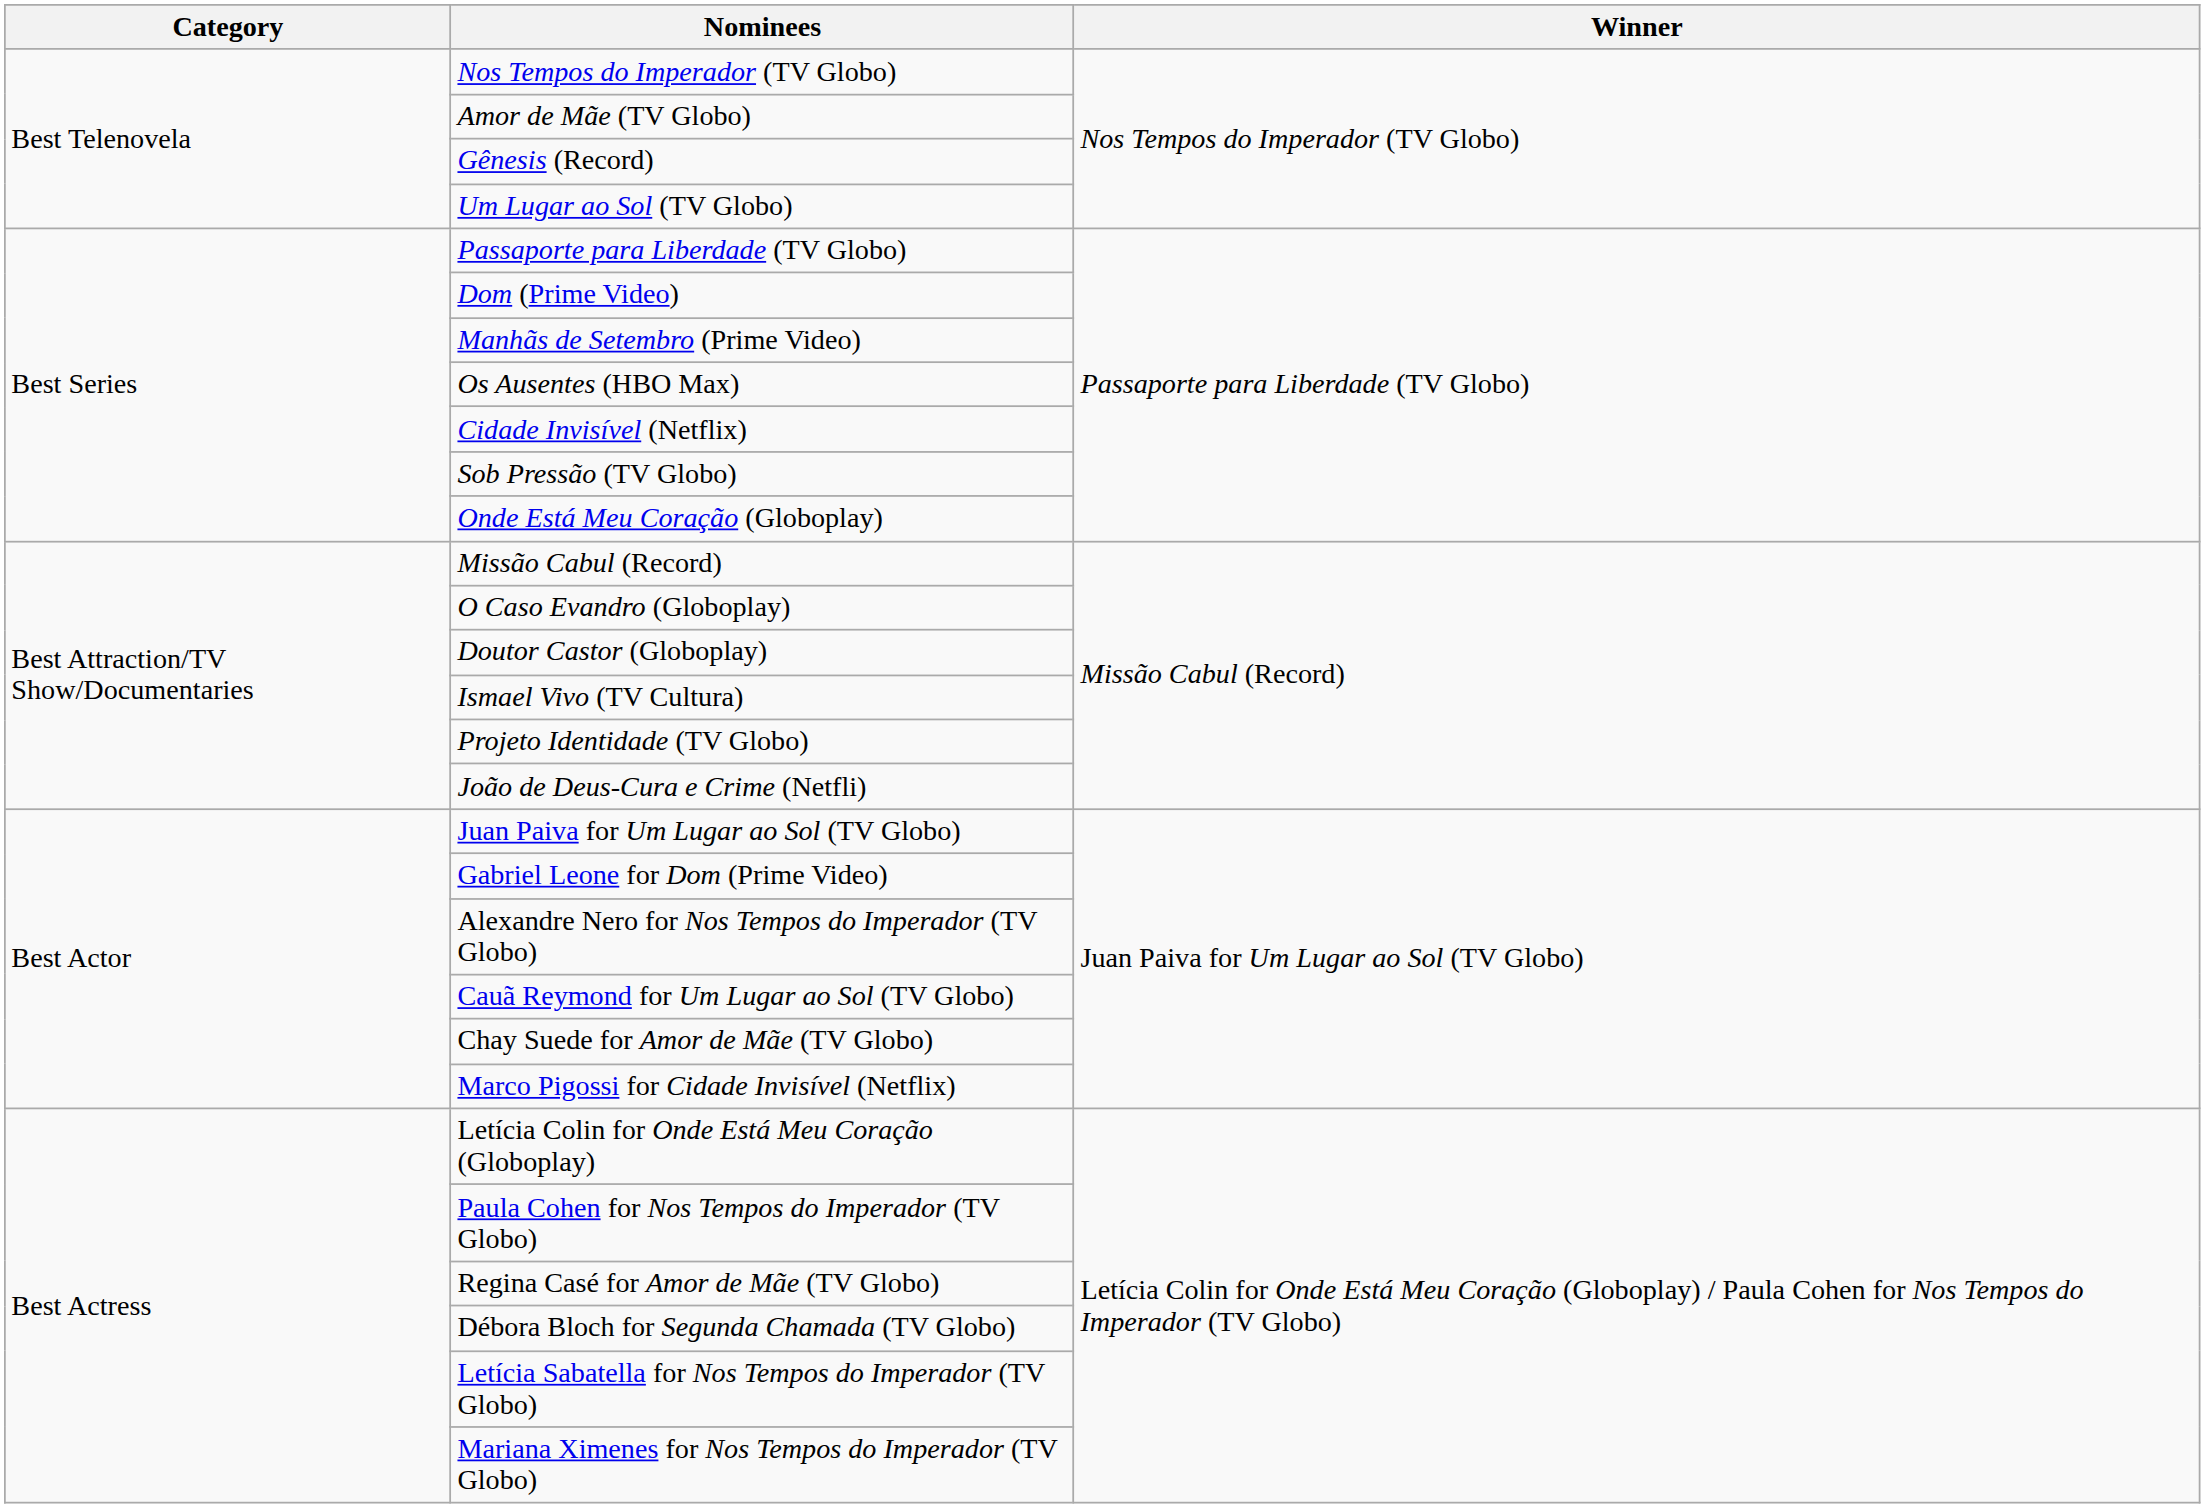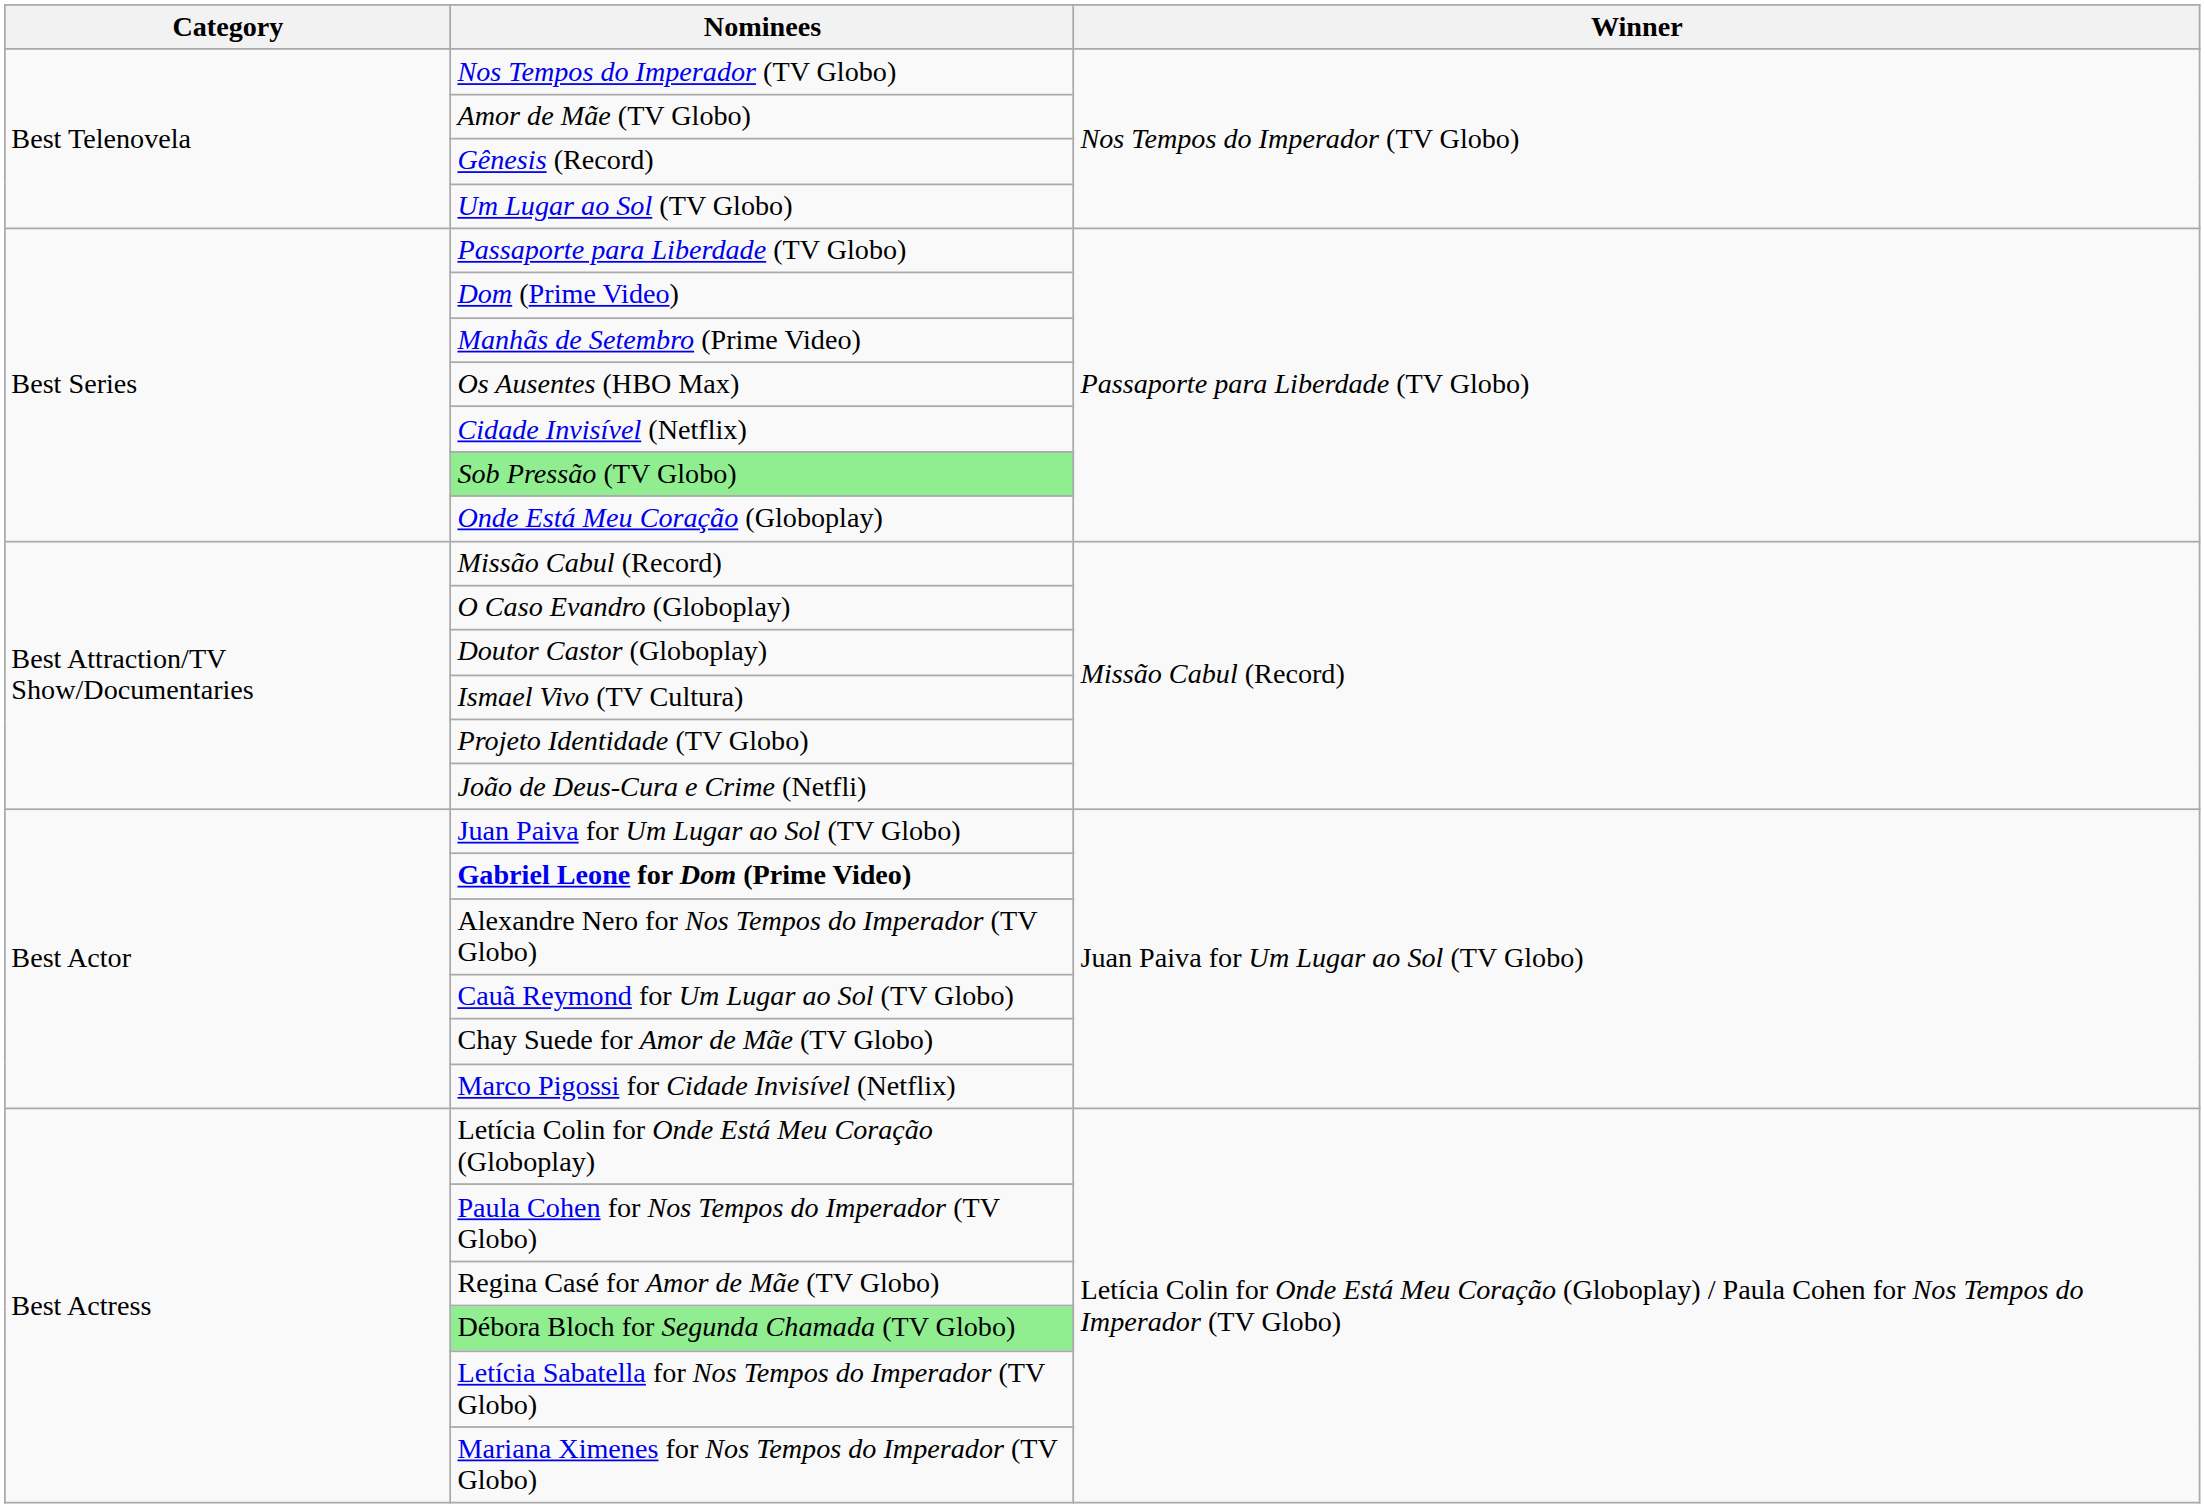 <table class="wikitable">
 <tr>
 <th>Category</th>
 <th>Nominees</th>
 <th>Winner</th>
 </tr>
 <tr>
 <td rowspan="4">Best Telenovela</td>
 <td><em><a href='#'>Nos Tempos do Imperador</a></em> (TV Globo)</td>
 <td rowspan="4"><em>Nos Tempos do Imperador</em> (TV Globo)</td>
 </tr>
 <tr>
 <td><em>Amor de Mãe</em> (TV Globo)</td>
 </tr>
 <tr>
 <td><em><a href='#'>Gênesis</a></em> (Record)</td>
 </tr>
 <tr>
 <td><em><a href='#'>Um Lugar ao Sol</a></em> (TV Globo)</td>
 </tr>
 <tr>
 <td rowspan="7">Best Series</td>
 <td><em><a href='#'>Passaporte para Liberdade</a></em> (TV Globo)</td>
 <td rowspan="7"><em>Passaporte para Liberdade</em> (TV Globo)</td>
 </tr>
 <tr>
 <td><em><a href='#'>Dom</a></em> (<a href='#'>Prime Video</a>)</td>
 </tr>
 <tr>
 <td><em><a href='#'>Manhãs de Setembro</a></em> (Prime Video)</td>
 </tr>
 <tr>
 <td><em>Os Ausentes</em> (HBO Max)</td>
 </tr>
 <tr>
 <td><em><a href='#'>Cidade Invisível</a></em> (Netflix)</td>
 </tr>
 <tr>
-<td><em>Sob Pressão</em> (TV Globo)</td>
+<td style="background: lightgreen;"><em>Sob Pressão</em> (TV Globo)</td>
 </tr>
 <tr>
 <td><em><a href='#'>Onde Está Meu Coração</a></em> (Globoplay)</td>
 </tr>
 <tr>
 <td rowspan="6">Best Attraction/TV Show/Documentaries</td>
 <td><em>Missão Cabul</em> (Record)</td>
 <td rowspan="6"><em>Missão Cabul</em> (Record)</td>
 </tr>
 <tr>
 <td><em>O Caso Evandro</em> (Globoplay)</td>
 </tr>
 <tr>
 <td><em>Doutor Castor</em> (Globoplay)</td>
 </tr>
 <tr>
 <td><em>Ismael Vivo</em> (TV Cultura)</td>
 </tr>
 <tr>
 <td><em>Projeto Identidade</em> (TV Globo)</td>
 </tr>
 <tr>
 <td><em>João de Deus-Cura e Crime</em> (Netfli)</td>
 </tr>
 <tr>
 <td rowspan="6">Best Actor</td>
 <td><a href='#'>Juan Paiva</a> for <em>Um Lugar ao Sol</em> (TV Globo)</td>
 <td rowspan="6">Juan Paiva for <em>Um Lugar ao Sol</em> (TV Globo)</td>
 </tr>
 <tr>
-<td><a href='#'>Gabriel Leone</a> for <em>Dom</em> (Prime Video)</td>
+<td><strong><a href='#'>Gabriel Leone</a> for <em>Dom</em> (Prime Video)</strong></td>
 </tr>
 <tr>
 <td>Alexandre Nero for <em>Nos Tempos do Imperador</em> (TV Globo)</td>
 </tr>
 <tr>
 <td><a href='#'>Cauã Reymond</a> for <em>Um Lugar ao Sol</em> (TV Globo)</td>
 </tr>
 <tr>
 <td>Chay Suede for <em>Amor de Mãe</em> (TV Globo)</td>
 </tr>
 <tr>
 <td><a href='#'>Marco Pigossi</a> for <em>Cidade Invisível</em> (Netflix)</td>
 </tr>
 <tr>
 <td rowspan="6">Best Actress</td>
 <td>Letícia Colin for <em>Onde Está Meu Coração</em> (Globoplay)</td>
 <td rowspan="6">Letícia Colin for <em>Onde Está Meu Coração</em> (Globoplay) / Paula Cohen for <em>Nos Tempos do Imperador</em> (TV Globo)</td>
 </tr>
 <tr>
 <td><a href='#'>Paula Cohen</a> for <em>Nos Tempos do Imperador</em> (TV Globo)</td>
 </tr>
 <tr>
 <td>Regina Casé for <em>Amor de Mãe</em> (TV Globo)</td>
 </tr>
 <tr>
-<td>Débora Bloch for <em>Segunda Chamada</em> (TV Globo)</td>
+<td style="background: lightgreen;">Débora Bloch for <em>Segunda Chamada</em> (TV Globo)</td>
 </tr>
 <tr>
 <td><a href='#'>Letícia Sabatella</a> for <em>Nos Tempos do Imperador</em> (TV Globo)</td>
 </tr>
 <tr>
 <td><a href='#'>Mariana Ximenes</a> for <em>Nos Tempos do Imperador</em> (TV Globo)</td>
 </tr>
 </table>
